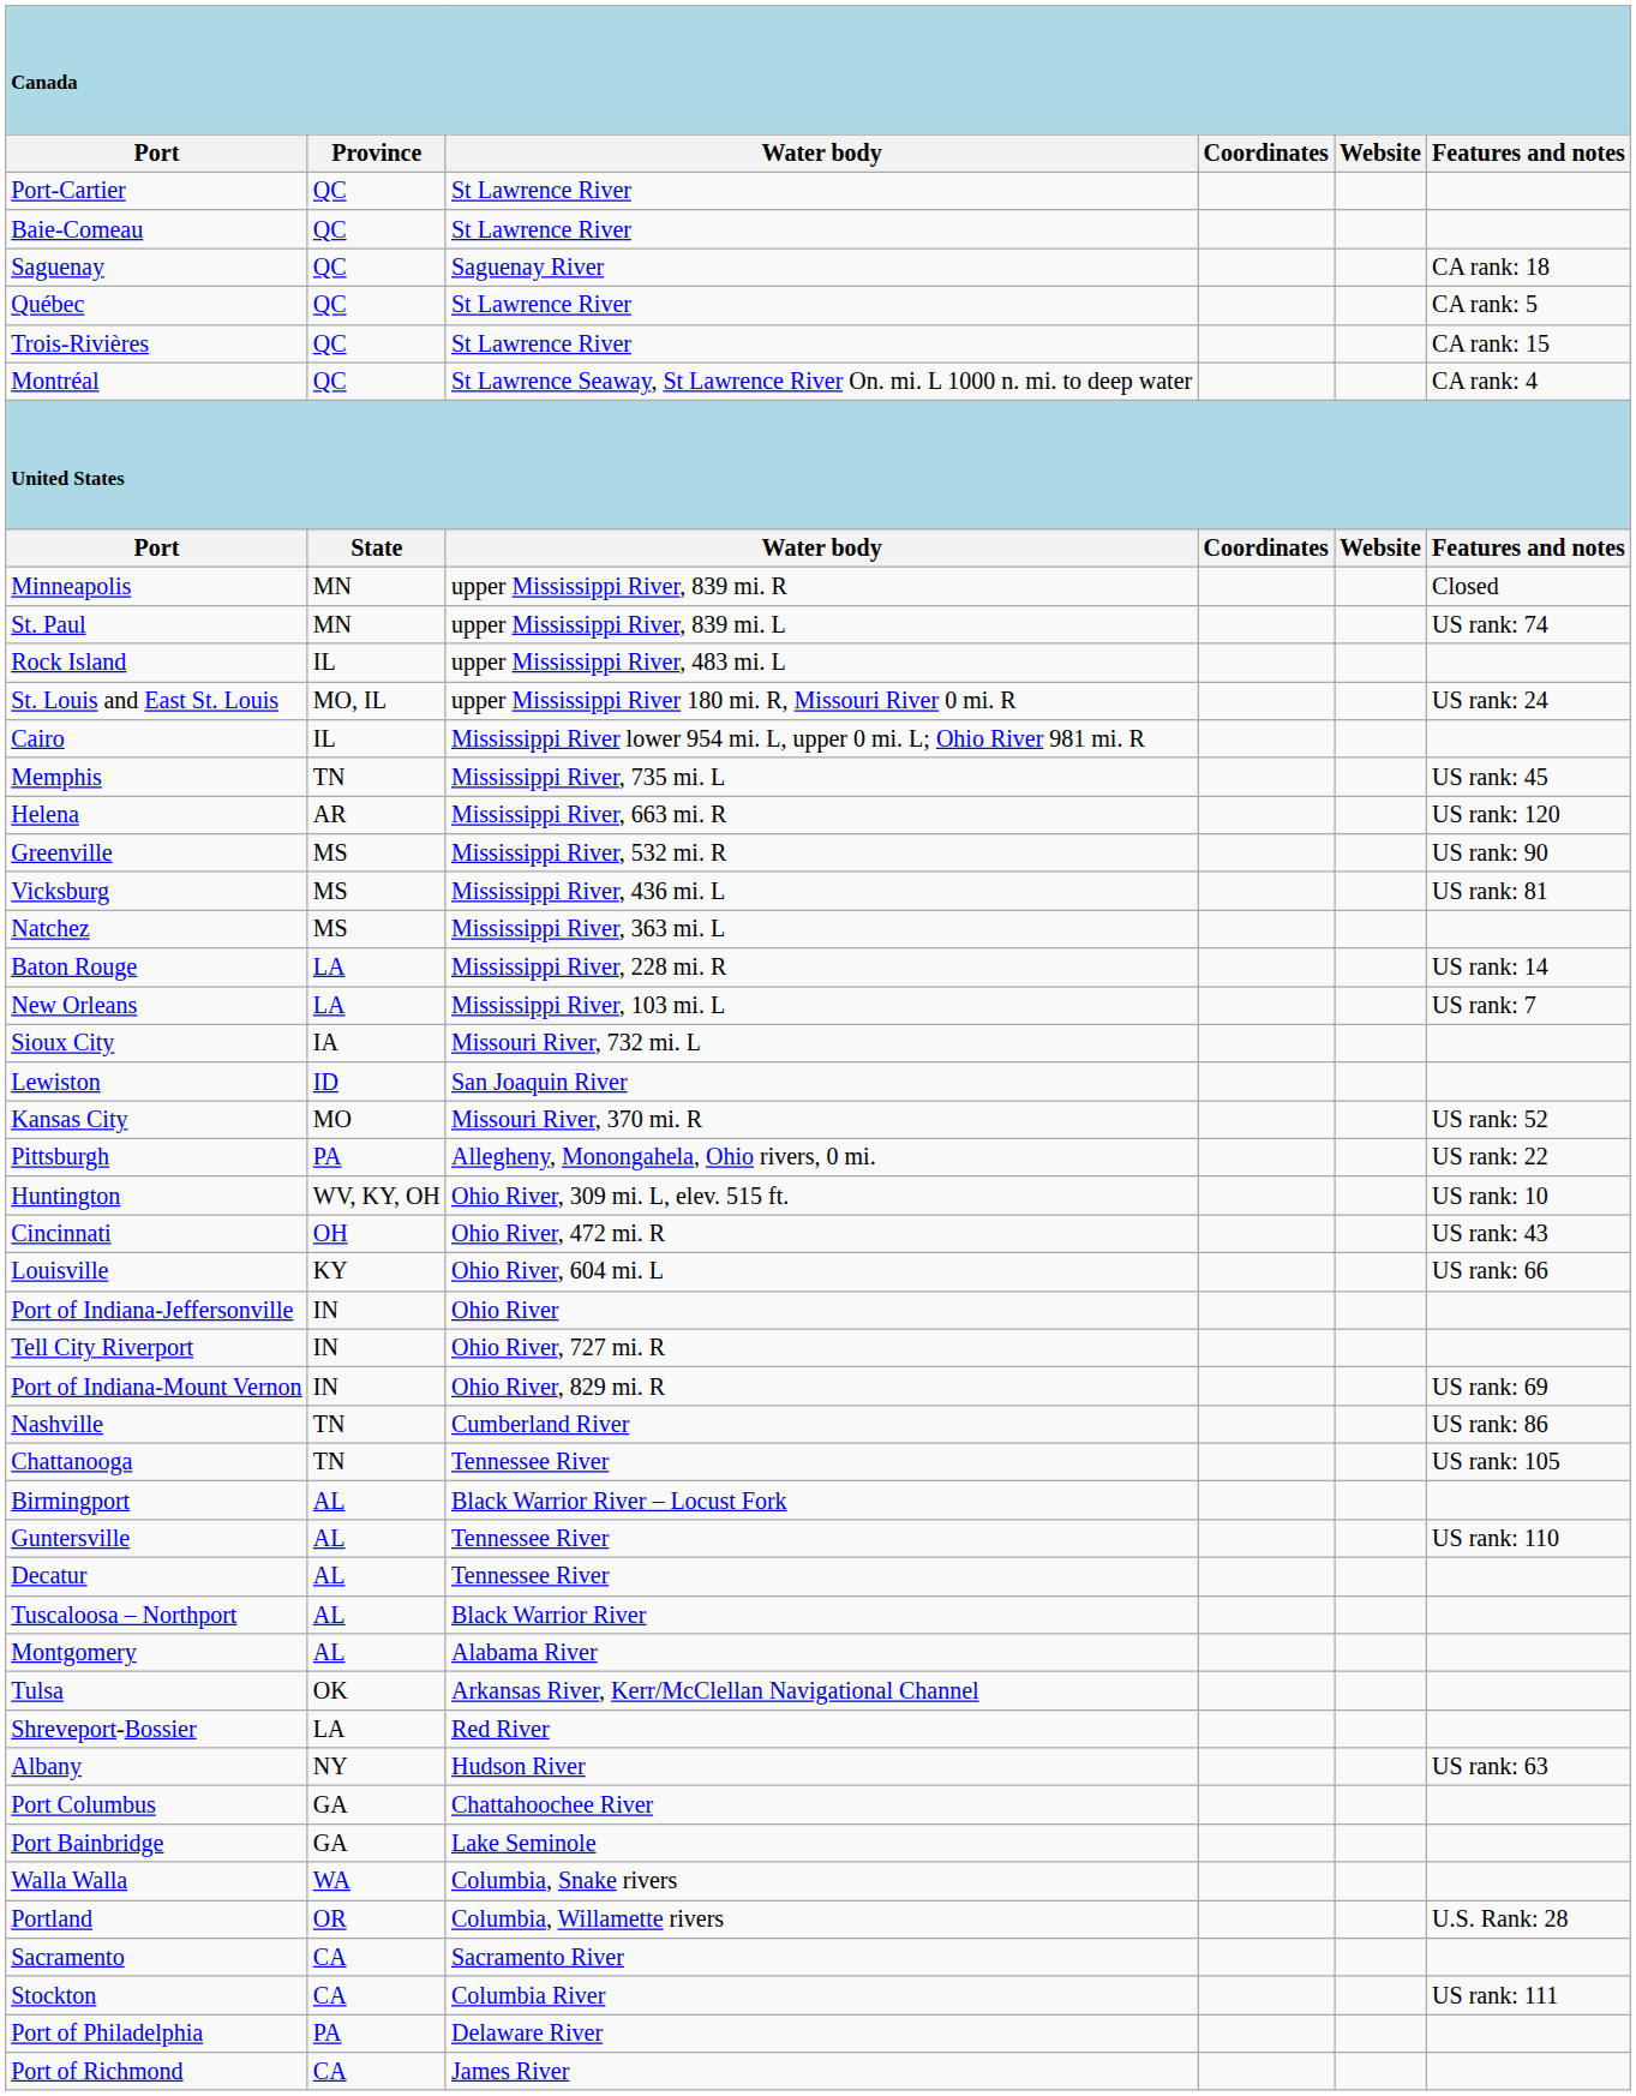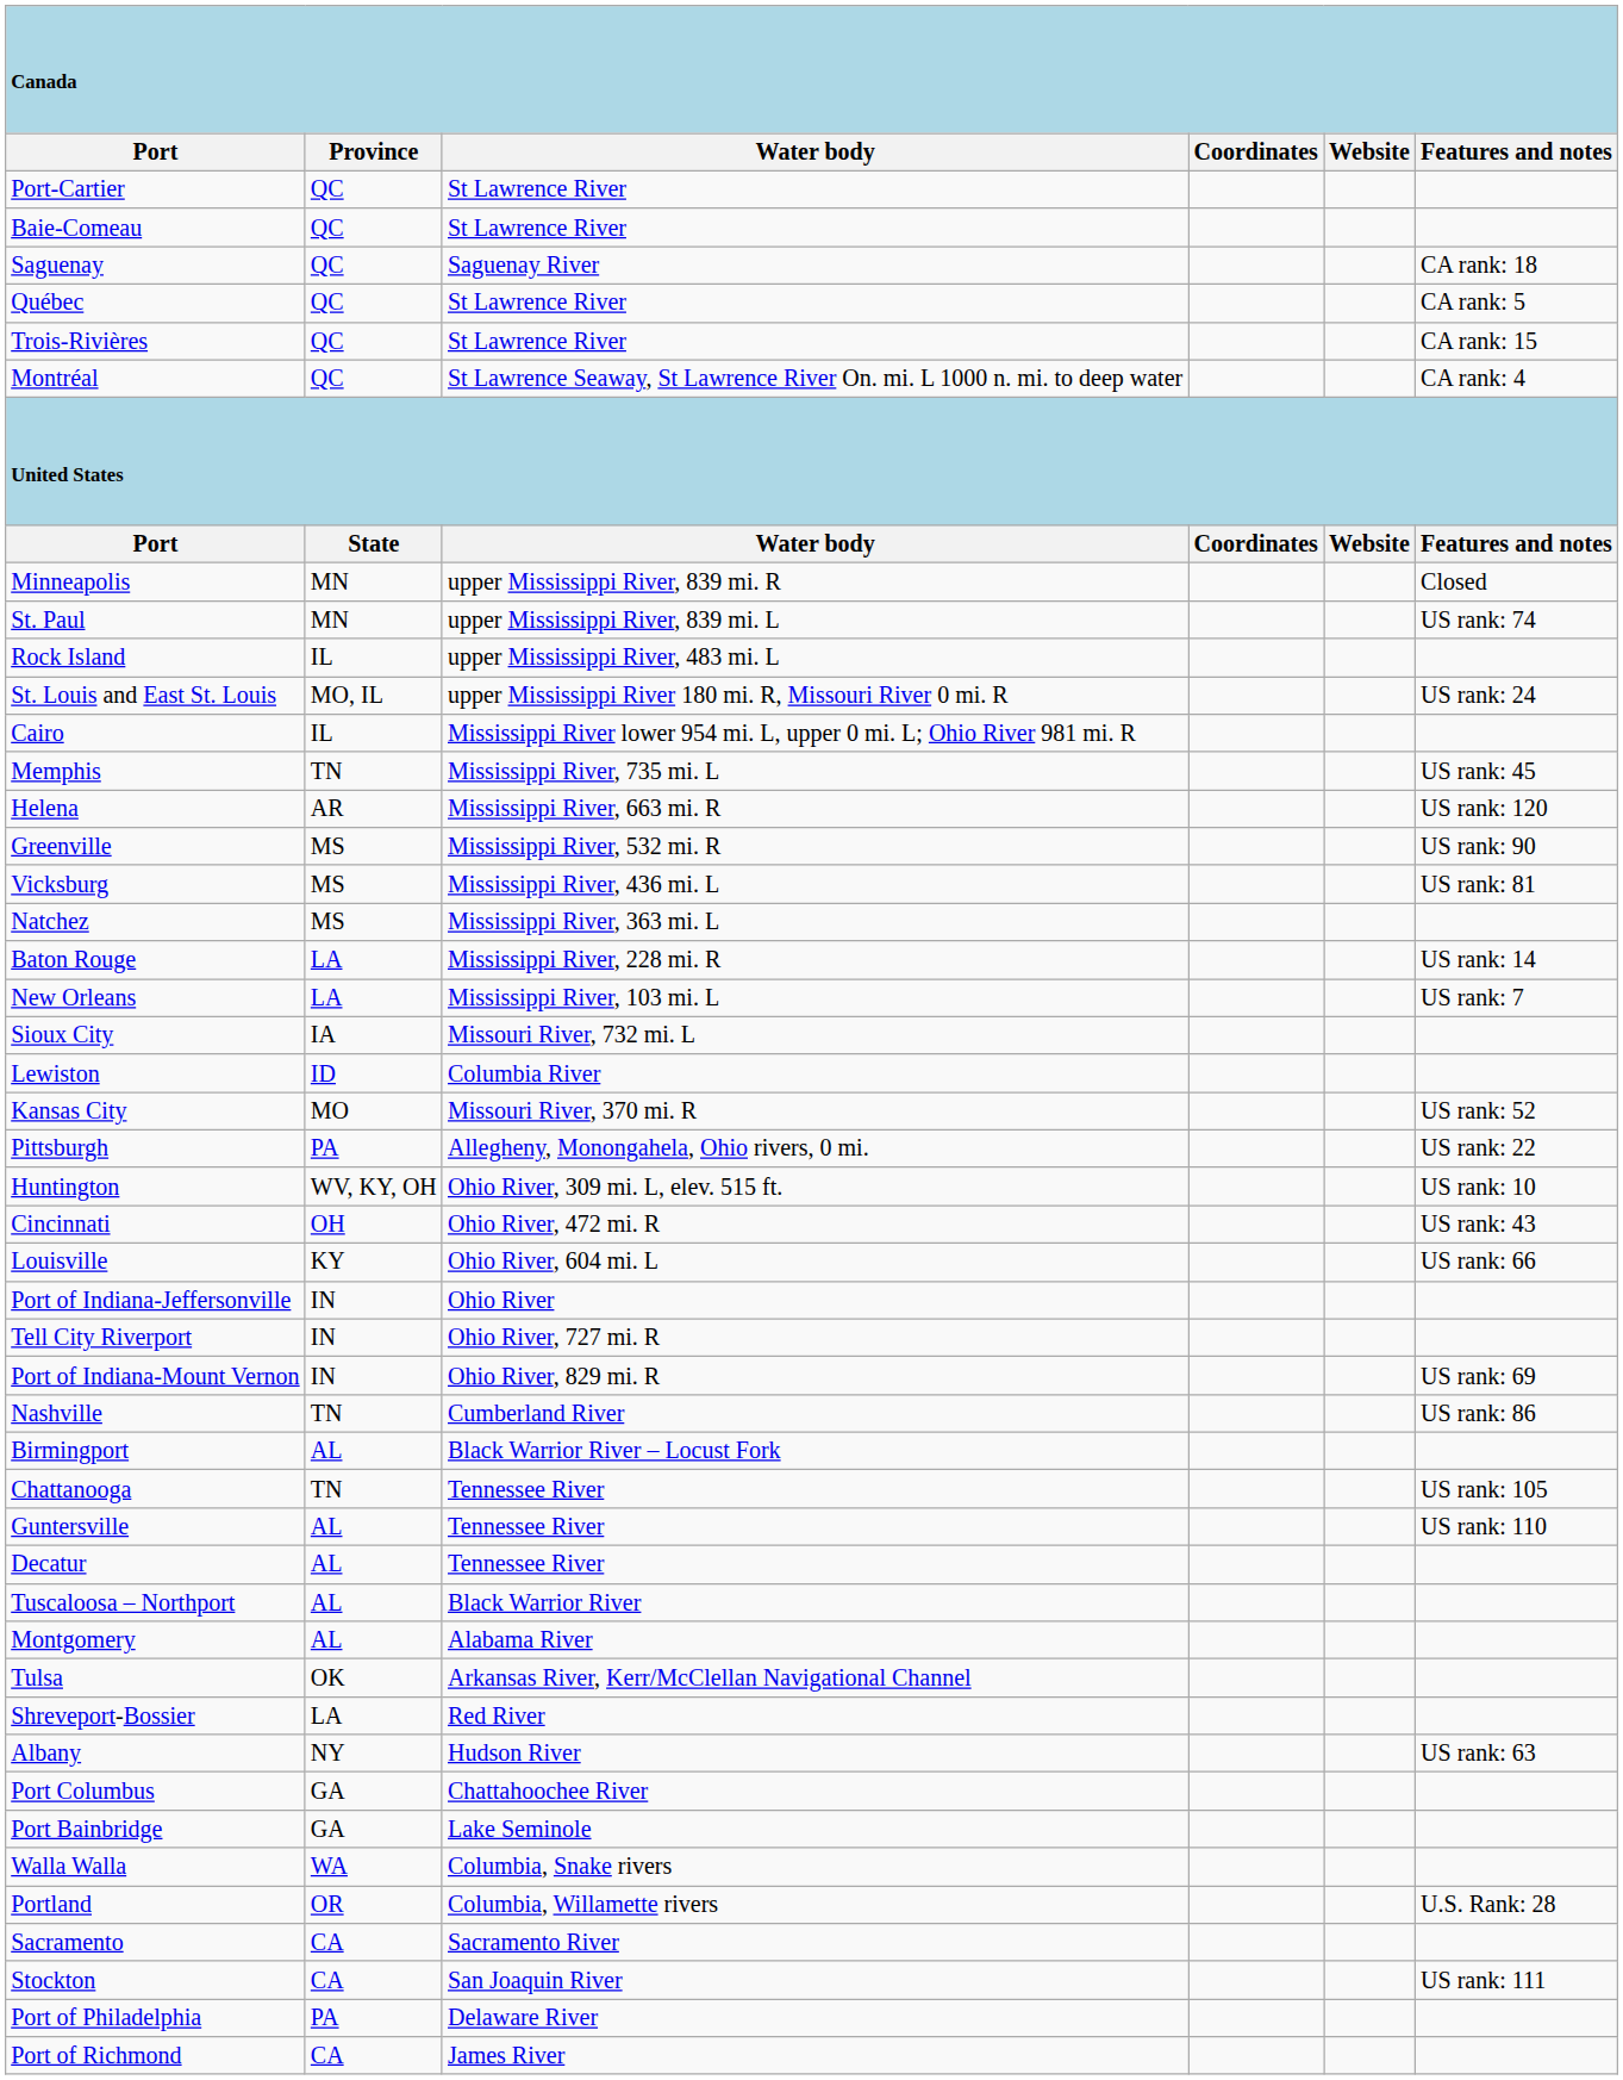 <table class="wikitable" border:1; cellpadding:0; cellspacing:0; vertical-align:top; align:left"|>
 <tr>
 <td bgcolor="lightblue" colspan="6"><br><h5>Canada</h5></td>
 </tr>
 <tr>
 <th bgcolor="lightblue">Port</th>
 <th bgcolor="lightblue">Province</th>
 <th bgcolor="lightblue">Water body</th>
 <th bgcolor="lightblue">Coordinates</th>
 <th bgcolor="lightblue">Website</th>
 <th bgcolor="lightblue">Features and notes</th>
 </tr>
 <tr>
 <td><a href='#'>Port-Cartier</a></td>
 <td><a href='#'>QC</a></td>
 <td><a href='#'>St Lawrence River</a></td>
 <td></td>
 <td></td>
 <td></td>
 </tr>
 <tr>
 <td><a href='#'>Baie-Comeau</a></td>
 <td><a href='#'>QC</a></td>
 <td><a href='#'>St Lawrence River</a></td>
 <td></td>
 <td></td>
 <td></td>
 </tr>
 <tr>
 <td><a href='#'>Saguenay</a></td>
 <td><a href='#'>QC</a></td>
 <td><a href='#'>Saguenay River</a></td>
 <td></td>
 <td></td>
 <td>CA rank: 18</td>
 </tr>
 <tr>
 <td><a href='#'>Québec</a></td>
 <td><a href='#'>QC</a></td>
 <td><a href='#'>St Lawrence River</a></td>
 <td></td>
 <td></td>
 <td>CA rank: 5</td>
 </tr>
 <tr>
 <td><a href='#'>Trois-Rivières</a></td>
 <td><a href='#'>QC</a></td>
 <td><a href='#'>St Lawrence River</a></td>
 <td></td>
 <td></td>
 <td>CA rank: 15</td>
 </tr>
 <tr>
 <td><a href='#'>Montréal</a></td>
 <td><a href='#'>QC</a></td>
 <td><a href='#'>St Lawrence Seaway</a>, <a href='#'>St Lawrence River</a> On. mi. L 1000 n. mi. to deep water</td>
 <td></td>
 <td></td>
 <td>CA rank: 4</td>
 </tr>
 <tr>
 <td bgcolor="lightblue" colspan="6"><br><h5>United States</h5></td>
 </tr>
 <tr>
 <th bgcolor="lightblue">Port</th>
 <th bgcolor="lightblue">State</th>
 <th bgcolor="lightblue">Water body</th>
 <th bgcolor="lightblue">Coordinates</th>
 <th bgcolor="lightblue">Website</th>
 <th bgcolor="lightblue">Features and notes</th>
 </tr>
 <tr>
 <td><a href='#'>Minneapolis</a></td>
 <td>MN</td>
 <td>upper <a href='#'>Mississippi River</a>, 839 mi. R</td>
 <td></td>
 <td></td>
 <td>Closed</td>
 </tr>
 <tr>
 <td><a href='#'>St. Paul</a></td>
 <td>MN</td>
 <td>upper <a href='#'>Mississippi River</a>, 839 mi. L</td>
 <td></td>
 <td></td>
 <td>US rank: 74</td>
 </tr>
 <tr>
 <td><a href='#'>Rock Island</a></td>
 <td>IL</td>
 <td>upper <a href='#'>Mississippi River</a>, 483 mi. L</td>
 <td></td>
 <td></td>
 <td></td>
 </tr>
 <tr>
 <td><a href='#'>St. Louis</a> and <a href='#'>East St. Louis</a></td>
 <td>MO, IL</td>
 <td>upper <a href='#'>Mississippi River</a> 180 mi. R, <a href='#'>Missouri River</a> 0 mi. R</td>
 <td></td>
 <td></td>
 <td>US rank: 24</td>
 </tr>
 <tr>
 <td><a href='#'>Cairo</a></td>
 <td>IL</td>
 <td><a href='#'>Mississippi River</a> lower 954 mi. L, upper 0 mi. L;  <a href='#'>Ohio River</a> 981 mi. R</td>
 <td></td>
 <td></td>
 <td></td>
 </tr>
 <tr>
 <td><a href='#'>Memphis</a></td>
 <td>TN</td>
 <td><a href='#'>Mississippi River</a>, 735 mi. L</td>
 <td></td>
 <td></td>
 <td>US rank: 45</td>
 </tr>
 <tr>
 <td><a href='#'>Helena</a></td>
 <td>AR</td>
 <td><a href='#'>Mississippi River</a>, 663 mi. R</td>
 <td></td>
 <td></td>
 <td>US rank: 120</td>
 </tr>
 <tr>
 <td><a href='#'>Greenville</a></td>
 <td>MS</td>
 <td><a href='#'>Mississippi River</a>, 532 mi. R</td>
 <td></td>
 <td></td>
 <td>US rank: 90</td>
 </tr>
 <tr>
 <td><a href='#'>Vicksburg</a></td>
 <td>MS</td>
 <td><a href='#'>Mississippi River</a>, 436 mi. L</td>
 <td></td>
 <td></td>
 <td>US rank: 81</td>
 </tr>
 <tr>
 <td><a href='#'>Natchez</a></td>
 <td>MS</td>
 <td><a href='#'>Mississippi River</a>, 363 mi. L</td>
 <td></td>
 <td></td>
 <td></td>
 </tr>
 <tr>
 <td><a href='#'>Baton Rouge</a></td>
 <td><a href='#'>LA</a></td>
 <td><a href='#'>Mississippi River</a>, 228 mi. R</td>
 <td></td>
 <td></td>
 <td>US rank: 14</td>
 </tr>
 <tr>
 <td><a href='#'>New Orleans</a></td>
 <td><a href='#'>LA</a></td>
 <td><a href='#'>Mississippi River</a>, 103 mi. L</td>
 <td></td>
 <td></td>
 <td>US rank: 7</td>
 </tr>
 <tr>
 <td><a href='#'>Sioux City</a></td>
 <td>IA</td>
 <td><a href='#'>Missouri River</a>, 732 mi. L</td>
 <td></td>
 <td></td>
 <td></td>
 </tr>
 <tr>
 <td><a href='#'>Lewiston</a></td>
 <td><a href='#'>ID</a></td>
-<td><a href='#'>San Joaquin River</a></td>
+<td><a href='#'>Columbia River</a></td>
 <td></td>
 <td></td>
 <td></td>
 </tr>
 <tr>
 <td><a href='#'>Kansas City</a></td>
 <td>MO</td>
 <td><a href='#'>Missouri River</a>, 370 mi. R</td>
 <td></td>
 <td></td>
 <td>US rank: 52</td>
 </tr>
 <tr>
 <td><a href='#'>Pittsburgh</a></td>
 <td><a href='#'>PA</a></td>
 <td><a href='#'>Allegheny</a>, <a href='#'>Monongahela</a>, <a href='#'>Ohio</a> rivers, 0 mi.</td>
 <td></td>
 <td></td>
 <td>US rank: 22</td>
 </tr>
 <tr>
 <td><a href='#'>Huntington</a></td>
 <td>WV, KY, OH</td>
 <td><a href='#'>Ohio River</a>, 309 mi. L, elev. 515 ft.</td>
 <td></td>
 <td></td>
 <td>US rank: 10</td>
 </tr>
 <tr>
 <td><a href='#'>Cincinnati</a></td>
 <td><a href='#'>OH</a></td>
 <td><a href='#'>Ohio River</a>, 472 mi. R</td>
 <td></td>
 <td></td>
 <td>US rank: 43</td>
 </tr>
 <tr>
 <td><a href='#'>Louisville</a></td>
 <td>KY</td>
 <td><a href='#'>Ohio River</a>, 604 mi. L</td>
 <td></td>
 <td></td>
 <td>US rank: 66</td>
 </tr>
 <tr>
 <td><a href='#'>Port of Indiana-Jeffersonville</a></td>
 <td>IN</td>
 <td><a href='#'>Ohio River</a></td>
 <td></td>
 <td></td>
 <td></td>
 </tr>
 <tr>
 <td><a href='#'>Tell City Riverport</a></td>
 <td>IN</td>
 <td><a href='#'>Ohio River</a>, 727 mi. R</td>
 <td></td>
 <td></td>
 <td></td>
 </tr>
 <tr>
 <td><a href='#'>Port of Indiana-Mount Vernon</a></td>
 <td>IN</td>
 <td><a href='#'>Ohio River</a>, 829 mi. R</td>
 <td></td>
 <td></td>
 <td>US rank: 69</td>
 </tr>
 <tr>
 <td><a href='#'>Nashville</a></td>
 <td>TN</td>
 <td><a href='#'>Cumberland River</a></td>
 <td></td>
 <td></td>
 <td>US rank: 86</td>
 </tr>
 <tr>
+<td><a href='#'>Birmingport</a></td>
+<td><a href='#'>AL</a></td>
+<td><a href='#'>Black Warrior River – Locust Fork</a></td>
+<td></td>
+<td></td>
+<td></td>
+</tr>
+<tr>
 <td><a href='#'>Chattanooga</a></td>
 <td>TN</td>
 <td><a href='#'>Tennessee River</a></td>
 <td></td>
 <td></td>
 <td>US rank: 105</td>
-</tr>
-<tr>
-<td><a href='#'>Birmingport</a></td>
-<td><a href='#'>AL</a></td>
-<td><a href='#'>Black Warrior River – Locust Fork</a></td>
-<td></td>
-<td></td>
-<td></td>
 </tr>
 <tr>
 <td><a href='#'>Guntersville</a></td>
 <td><a href='#'>AL</a></td>
 <td><a href='#'>Tennessee River</a></td>
 <td></td>
 <td></td>
 <td>US rank: 110</td>
 </tr>
 <tr>
 <td><a href='#'>Decatur</a></td>
 <td><a href='#'>AL</a></td>
 <td><a href='#'>Tennessee River</a></td>
 <td></td>
 <td></td>
 <td></td>
 </tr>
 <tr>
 <td><a href='#'>Tuscaloosa – Northport</a></td>
 <td><a href='#'>AL</a></td>
 <td><a href='#'>Black Warrior River</a></td>
 <td></td>
 <td></td>
 <td></td>
 </tr>
 <tr>
 <td><a href='#'>Montgomery</a></td>
 <td><a href='#'>AL</a></td>
 <td><a href='#'>Alabama River</a></td>
 <td></td>
 <td></td>
 <td></td>
 </tr>
 <tr>
 <td><a href='#'>Tulsa</a></td>
 <td>OK</td>
 <td><a href='#'>Arkansas River</a>, <a href='#'>Kerr/McClellan Navigational Channel</a></td>
 <td></td>
 <td><br></td>
 <td></td>
 </tr>
 <tr>
 <td><a href='#'>Shreveport</a>-<a href='#'>Bossier</a></td>
 <td>LA</td>
 <td><a href='#'>Red River</a></td>
 <td></td>
 <td></td>
 <td></td>
 </tr>
 <tr>
 <td><a href='#'>Albany</a></td>
 <td>NY</td>
 <td><a href='#'>Hudson River</a></td>
 <td></td>
 <td></td>
 <td>US rank: 63</td>
 </tr>
 <tr>
 <td><a href='#'>Port Columbus</a></td>
 <td>GA</td>
 <td><a href='#'>Chattahoochee River</a></td>
 <td></td>
 <td></td>
 <td></td>
 </tr>
 <tr>
 <td><a href='#'>Port Bainbridge</a></td>
 <td>GA</td>
 <td><a href='#'>Lake Seminole</a></td>
 <td></td>
 <td></td>
 <td></td>
 </tr>
 <tr>
 <td><a href='#'>Walla Walla</a></td>
 <td><a href='#'>WA</a></td>
 <td><a href='#'>Columbia</a>, <a href='#'>Snake</a> rivers</td>
 <td></td>
 <td></td>
 <td></td>
 </tr>
 <tr>
 <td><a href='#'>Portland</a></td>
 <td><a href='#'>OR</a></td>
 <td><a href='#'>Columbia</a>, <a href='#'>Willamette</a> rivers</td>
 <td></td>
 <td></td>
 <td>U.S. Rank: 28</td>
 </tr>
 <tr>
 <td><a href='#'>Sacramento</a></td>
 <td><a href='#'>CA</a></td>
 <td><a href='#'>Sacramento River</a></td>
 <td></td>
 <td></td>
 <td></td>
 </tr>
 <tr>
 <td><a href='#'>Stockton</a></td>
 <td><a href='#'>CA</a></td>
-<td><a href='#'>Columbia River</a></td>
+<td><a href='#'>San Joaquin River</a></td>
 <td></td>
 <td></td>
 <td>US rank: 111</td>
 </tr>
 <tr>
 <td><a href='#'>Port of Philadelphia</a></td>
 <td><a href='#'>PA</a></td>
 <td><a href='#'>Delaware River</a></td>
 <td></td>
 <td></td>
 <td></td>
 </tr>
 <tr>
 <td><a href='#'>Port of Richmond</a></td>
 <td><a href='#'>CA</a></td>
 <td><a href='#'>James River</a></td>
 <td></td>
 <td></td>
 <td></td>
 </tr>
 </table>
